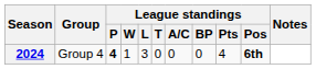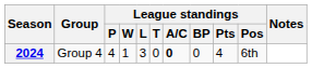 <table class="wikitable sortable">
 <tr>
 <th scope="col" rowspan="2">Season</th>
 <th scope="col" rowspan="2">Group</th>
 <th scope="col" colspan="8">League standings</th>
 <th scope="col" rowspan="2">Notes</th>
 </tr>
 <tr>
 <th scope="col">P</th>
 <th scope="col">W</th>
 <th scope="col">L</th>
 <th scope="col">T</th>
 <th scope="col">A/C</th>
 <th scope="col">BP</th>
 <th scope="col">Pts</th>
 <th scope="col">Pos</th>
 </tr>
 <tr>
 <th scope="row"><a href='#'>2024</a></th>
 <td>Group 4</td>
-<td><strong>4</strong></td>
+<td>4</td>
 <td>1</td>
 <td>3</td>
 <td>0</td>
-<td>0</td>
+<td><strong>0</strong></td>
 <td>0</td>
 <td>4</td>
-<td><strong>6th</strong></td>
+<td>6th</td>
 <td style="background: white;"></td>
 </tr>
 </table>
